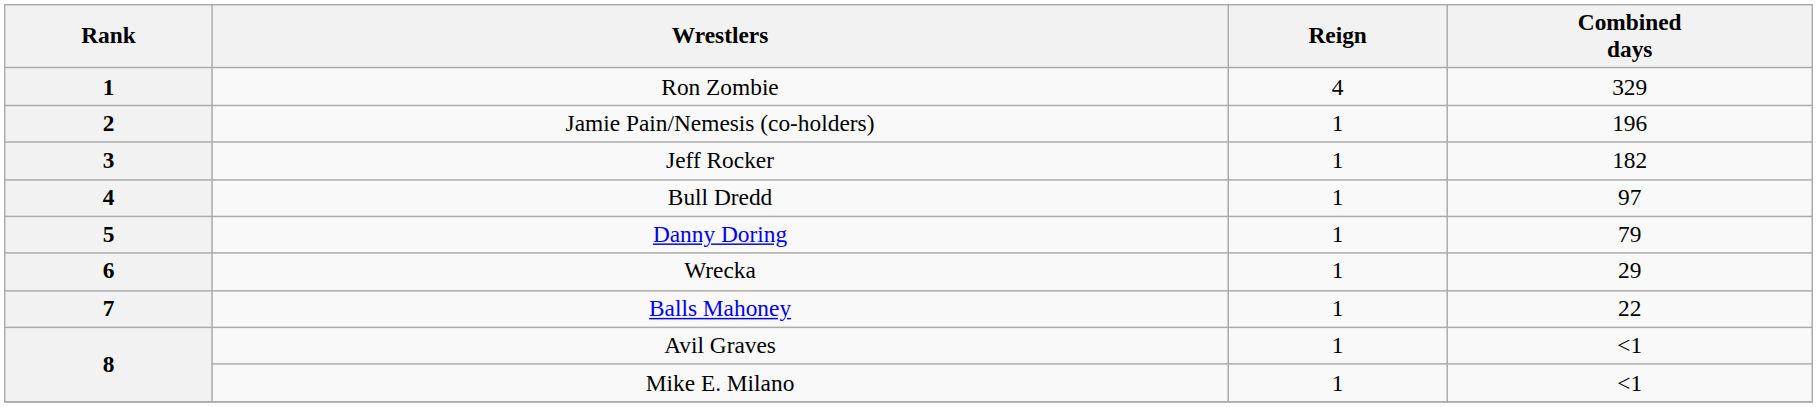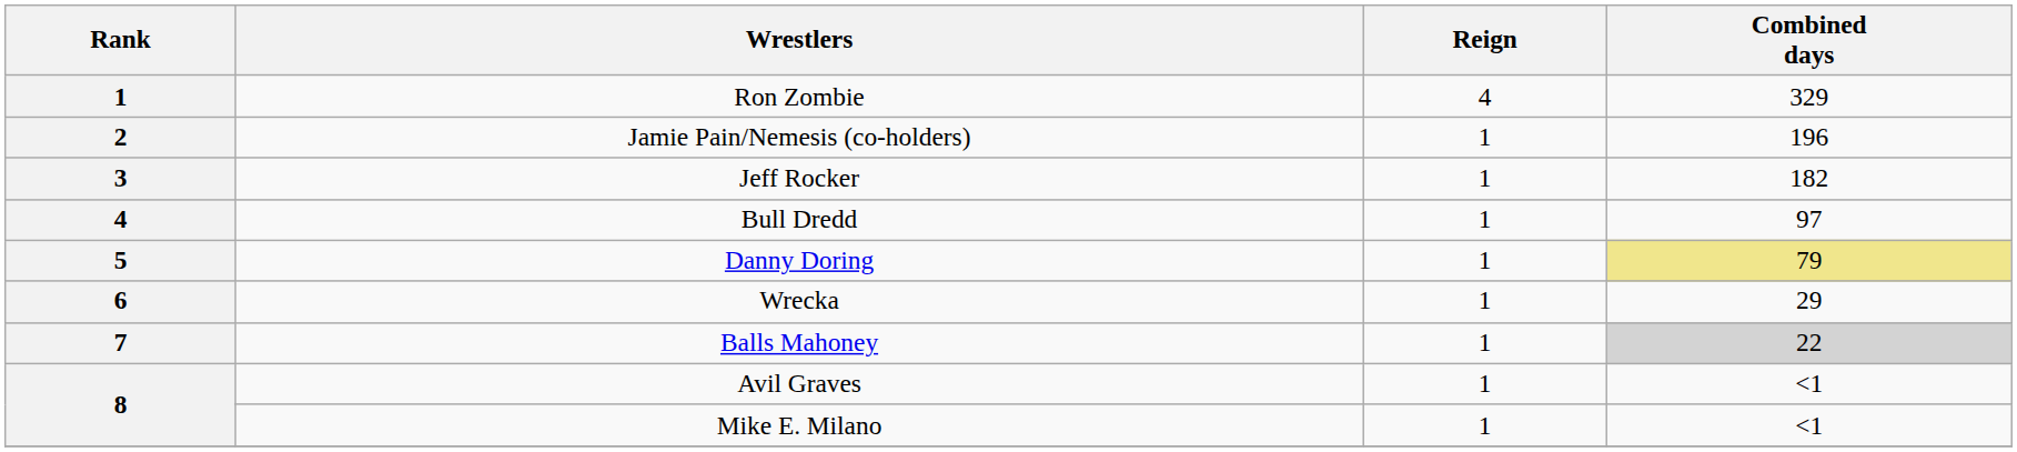 <table class="wikitable sortable" width=98% style="text-align:center;">
 <tr>
 <th>Rank</th>
 <th>Wrestlers</th>
 <th>Reign</th>
 <th>Combined<br> days</th>
 </tr>
 <tr>
 <th>1</th>
 <td>Ron Zombie</td>
 <td>4</td>
 <td>329</td>
 </tr>
 <tr>
 <th>2</th>
 <td>Jamie Pain/Nemesis (co-holders)</td>
 <td>1</td>
 <td>196</td>
 </tr>
 <tr>
 <th>3</th>
 <td>Jeff Rocker</td>
 <td>1</td>
 <td>182</td>
 </tr>
 <tr>
 <th>4</th>
 <td>Bull Dredd</td>
 <td>1</td>
 <td>97</td>
 </tr>
 <tr>
 <th>5</th>
 <td><a href='#'>Danny Doring</a></td>
 <td>1</td>
-<td>79</td>
+<td style="background: khaki;">79</td>
 </tr>
 <tr>
 <th>6</th>
 <td>Wrecka</td>
 <td>1</td>
 <td>29</td>
 </tr>
 <tr>
 <th>7</th>
 <td><a href='#'>Balls Mahoney</a></td>
 <td>1</td>
-<td>22</td>
+<td style="background: lightgrey;">22</td>
 </tr>
 <tr>
 <th rowspan=2>8</th>
 <td>Avil Graves</td>
 <td>1</td>
 <td><1</td>
 </tr>
 <tr>
 <td>Mike E. Milano</td>
 <td>1</td>
 <td><1</td>
 </tr>
 <tr>
 </tr>
 </table>
